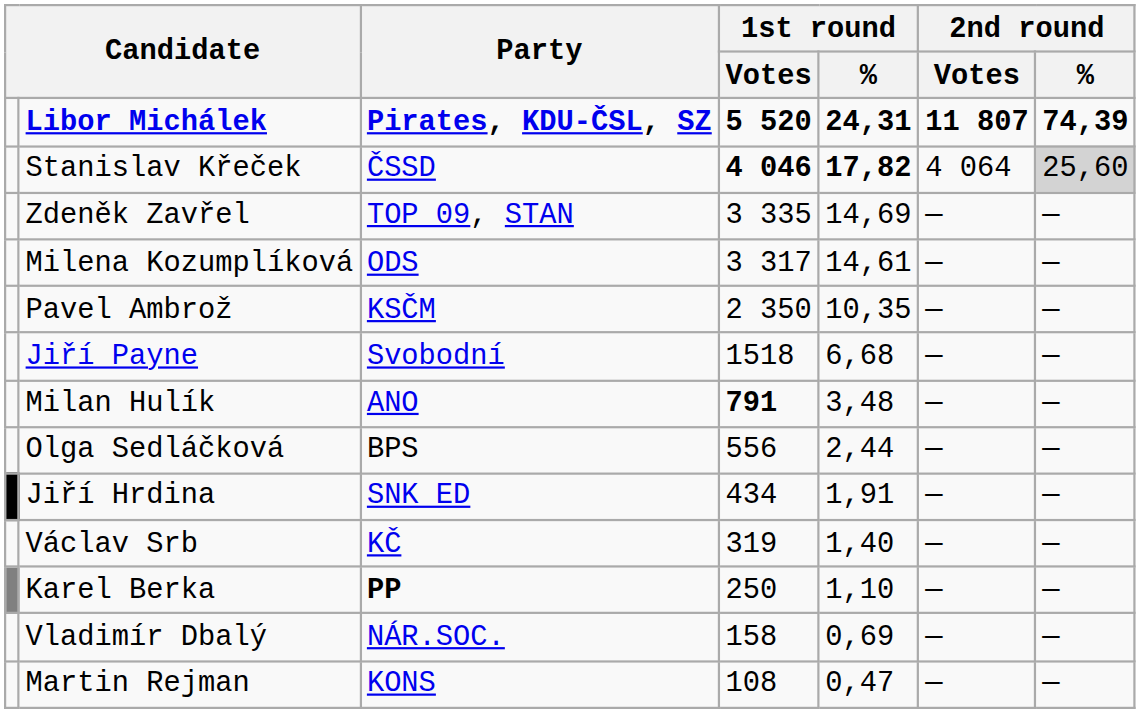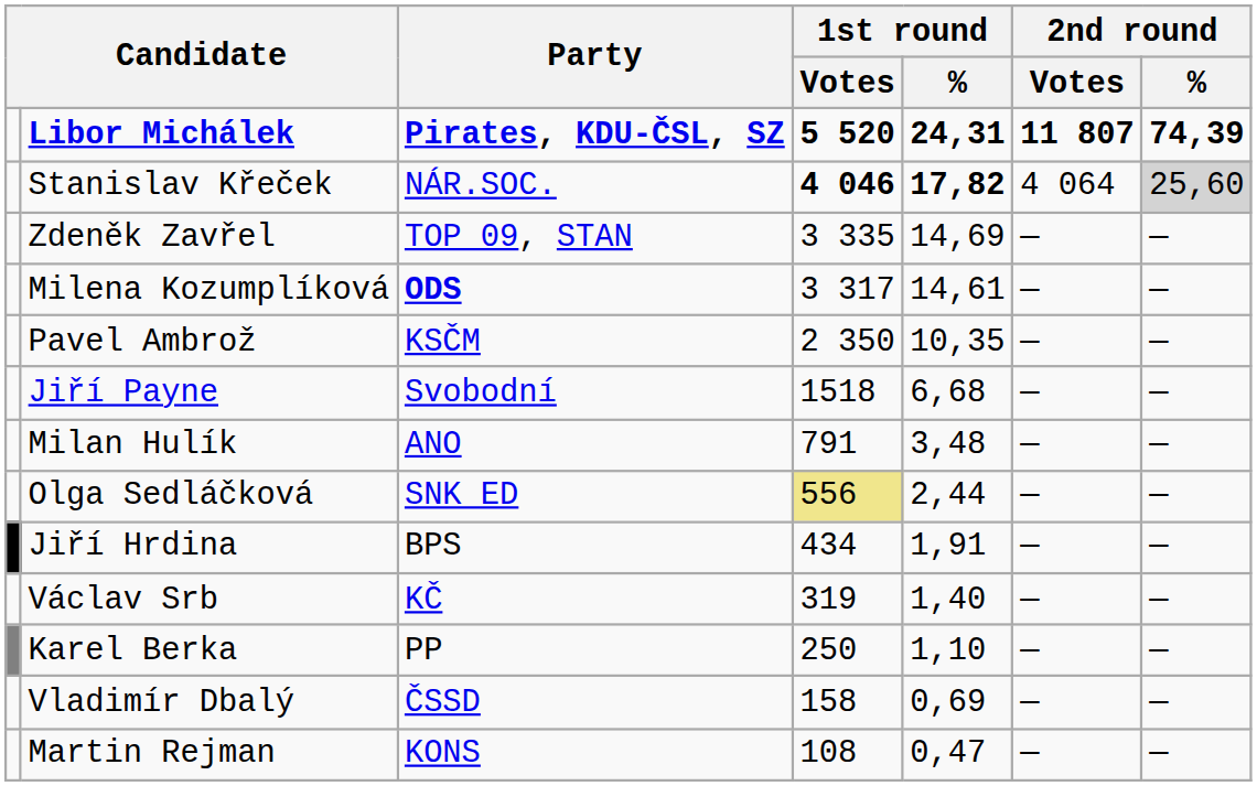 <table class="wikitable sortable">
 <tr>
 <th colspan="2" rowspan="2">Candidate</th>
 <th rowspan="2">Party</th>
 <th colspan="2">1st round</th>
 <th colspan="2">2nd round</th>
 </tr>
 <tr>
 <th>Votes</th>
 <th>%</th>
 <th>Votes</th>
 <th>%</th>
 </tr>
 <tr>
 <td style="background-color:"></td>
 <td><strong><a href='#'>Libor Michálek</a></strong></td>
 <td><strong><a href='#'>Pirates</a>, <a href='#'>KDU-ČSL</a>, <a href='#'>SZ</a></strong></td>
 <td><strong>5 520</strong></td>
 <td><strong>24,31</strong></td>
 <td><strong>11 807</strong></td>
 <td><strong>74,39</strong></td>
 </tr>
 <tr>
 <td style="background-color:"></td>
 <td>Stanislav Křeček</td>
-<td><a href='#'>ČSSD</a></td>
+<td><a href='#'>NÁR.SOC.</a></td>
 <td><strong>4 046</strong></td>
 <td><strong>17,82</strong></td>
 <td>4 064</td>
 <td style="background: lightgrey;">25,60</td>
 </tr>
 <tr>
 <td style="background-color:"></td>
 <td>Zdeněk Zavřel</td>
 <td><a href='#'>TOP 09</a>, <a href='#'>STAN</a></td>
 <td>3 335</td>
 <td>14,69</td>
 <td>—</td>
 <td>—</td>
 </tr>
 <tr>
 <td style="background-color:"></td>
 <td>Milena Kozumplíková</td>
-<td><a href='#'>ODS</a></td>
+<td><strong><a href='#'>ODS</a></strong></td>
 <td>3 317</td>
 <td>14,61</td>
 <td>—</td>
 <td>—</td>
 </tr>
 <tr>
 <td style="background-color:"></td>
 <td>Pavel Ambrož</td>
 <td><a href='#'>KSČM</a></td>
 <td>2 350</td>
 <td>10,35</td>
 <td>—</td>
 <td>—</td>
 </tr>
 <tr>
 <td style="background-color:"></td>
 <td><a href='#'>Jiří Payne</a></td>
 <td><a href='#'>Svobodní</a></td>
 <td>1518</td>
 <td>6,68</td>
 <td>—</td>
 <td>—</td>
 </tr>
 <tr>
 <td style="background-color:"></td>
 <td>Milan Hulík</td>
 <td><a href='#'>ANO</a></td>
-<td><strong>791</strong></td>
+<td>791</td>
 <td>3,48</td>
 <td>—</td>
 <td>—</td>
 </tr>
 <tr>
 <td style="background-color:"></td>
 <td>Olga Sedláčková</td>
-<td>BPS</td>
-<td>556</td>
+<td><a href='#'>SNK ED</a></td>
+<td style="background: khaki;">556</td>
 <td>2,44</td>
 <td>—</td>
 <td>—</td>
 </tr>
 <tr>
 <td style="background-color:black"></td>
 <td>Jiří Hrdina</td>
-<td><a href='#'>SNK ED</a></td>
+<td>BPS</td>
 <td>434</td>
 <td>1,91</td>
 <td>—</td>
 <td>—</td>
 </tr>
 <tr>
 <td style="background-color:"></td>
 <td>Václav Srb</td>
 <td><a href='#'>KČ</a></td>
 <td>319</td>
 <td>1,40</td>
 <td>—</td>
 <td>—</td>
 </tr>
 <tr>
 <td style="background-color:grey"></td>
 <td>Karel Berka</td>
-<td><strong>PP</strong></td>
+<td>PP</td>
 <td>250</td>
 <td>1,10</td>
 <td>—</td>
 <td>—</td>
 </tr>
 <tr>
 <td style="background-color:"></td>
 <td>Vladimír Dbalý</td>
-<td><a href='#'>NÁR.SOC.</a></td>
+<td><a href='#'>ČSSD</a></td>
 <td>158</td>
 <td>0,69</td>
 <td>—</td>
 <td>—</td>
 </tr>
 <tr>
 <td style="background-color:"></td>
 <td>Martin Rejman</td>
 <td><a href='#'>KONS</a></td>
 <td>108</td>
 <td>0,47</td>
 <td>—</td>
 <td>—</td>
 </tr>
 </table>
